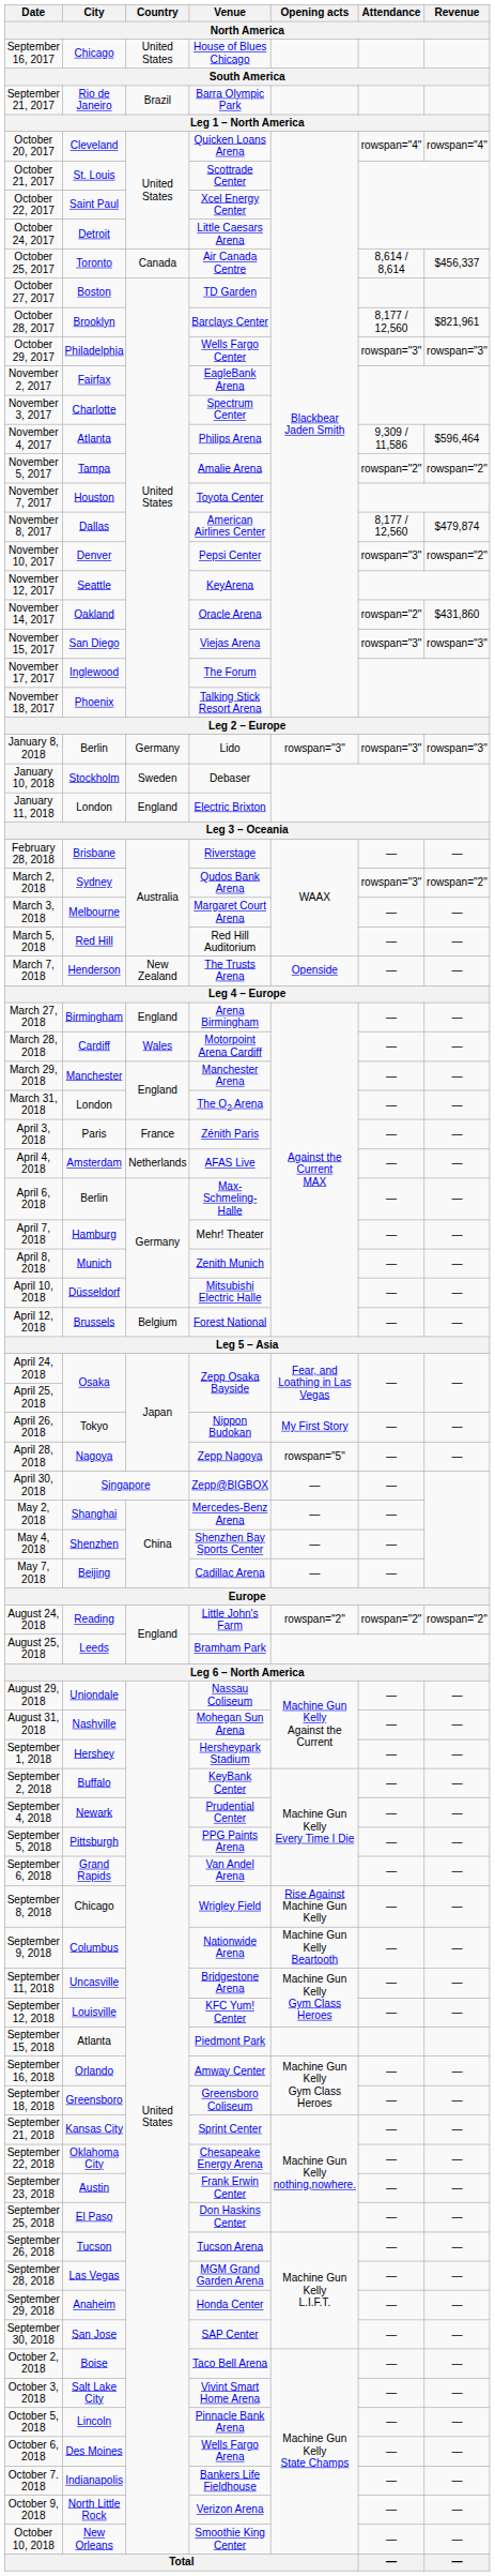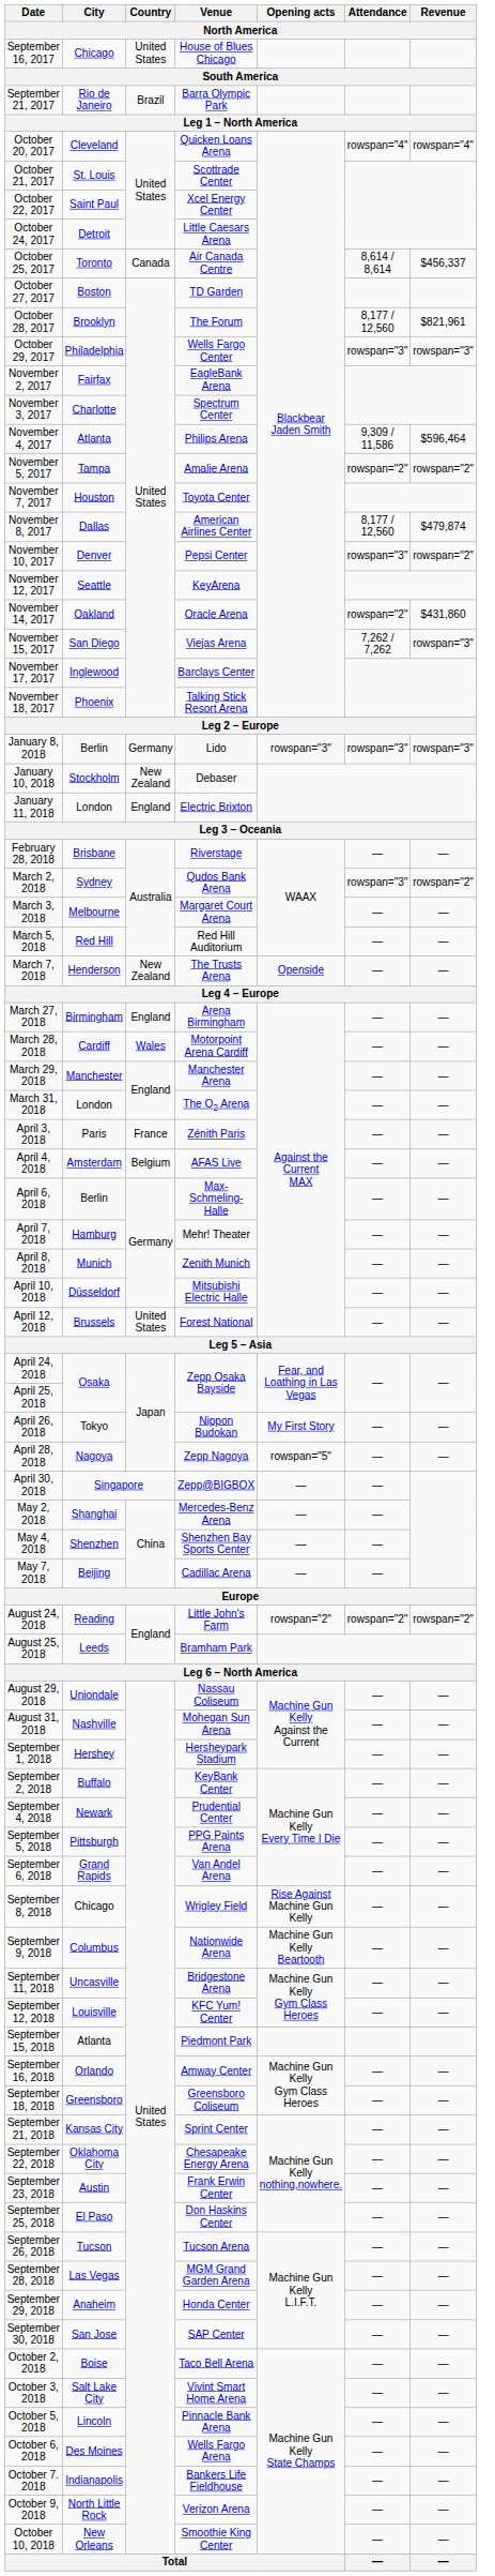 <table class="wikitable" style="text-align:center;">
 <tr>
 <th scope="col" style="width:12em;">Date</th>
 <th scope="col" style="width:10em;">City</th>
 <th scope="col" style="width:10em;">Country</th>
 <th scope="col" style="width:16em;">Venue</th>
 <th scope="col" style="width:10em;">Opening acts</th>
 <th scope="col" style="width:10em;">Attendance</th>
 <th scope="col" style="width:10em;">Revenue</th>
 </tr>
 <tr>
 <th colspan="7">North America</th>
 </tr>
 <tr>
 <td>September 16, 2017</td>
 <td><a href='#'>Chicago</a></td>
 <td>United States</td>
 <td><a href='#'>House of Blues Chicago</a></td>
 <td></td>
 <td></td>
 <td></td>
 </tr>
 <tr>
 <th colspan="7">South America</th>
 </tr>
 <tr>
 <td>September 21, 2017</td>
 <td><a href='#'>Rio de Janeiro</a></td>
 <td>Brazil</td>
 <td><a href='#'>Barra Olympic Park</a></td>
 <td></td>
 <td></td>
 <td></td>
 </tr>
 <tr>
 <th colspan="7">Leg 1 – North America</th>
 </tr>
 <tr>
 <td>October 20, 2017</td>
 <td><a href='#'>Cleveland</a></td>
 <td rowspan="4">United States</td>
 <td><a href='#'>Quicken Loans Arena</a></td>
 <td rowspan="20"><a href='#'>Blackbear</a><br><a href='#'>Jaden Smith</a></td>
 <td>rowspan="4" </td>
 <td>rowspan="4" </td>
 </tr>
 <tr>
 <td>October 21, 2017</td>
 <td><a href='#'>St. Louis</a></td>
 <td><a href='#'>Scottrade Center</a></td>
 </tr>
 <tr>
 <td>October 22, 2017</td>
 <td><a href='#'>Saint Paul</a></td>
 <td><a href='#'>Xcel Energy Center</a></td>
 </tr>
 <tr>
 <td>October 24, 2017</td>
 <td><a href='#'>Detroit</a></td>
 <td><a href='#'>Little Caesars Arena</a></td>
 </tr>
 <tr>
 <td>October 25, 2017</td>
 <td><a href='#'>Toronto</a></td>
 <td>Canada</td>
 <td><a href='#'>Air Canada Centre</a></td>
 <td>8,614 / 8,614</td>
 <td>$456,337</td>
 </tr>
 <tr>
 <td>October 27, 2017</td>
 <td><a href='#'>Boston</a></td>
 <td rowspan="15">United States</td>
 <td><a href='#'>TD Garden</a></td>
 <td></td>
 <td></td>
 </tr>
 <tr>
 <td>October 28, 2017</td>
 <td><a href='#'>Brooklyn</a></td>
-<td><a href='#'>Barclays Center</a></td>
+<td><a href='#'>The Forum</a></td>
 <td>8,177 / 12,560</td>
 <td>$821,961</td>
 </tr>
 <tr>
 <td>October 29, 2017</td>
 <td><a href='#'>Philadelphia</a></td>
 <td><a href='#'>Wells Fargo Center</a></td>
 <td>rowspan="3" </td>
 <td>rowspan="3" </td>
 </tr>
 <tr>
 <td>November 2, 2017</td>
 <td><a href='#'>Fairfax</a></td>
 <td><a href='#'>EagleBank Arena</a></td>
 </tr>
 <tr>
 <td>November 3, 2017</td>
 <td><a href='#'>Charlotte</a></td>
 <td><a href='#'>Spectrum Center</a></td>
 </tr>
 <tr>
 <td>November 4, 2017</td>
 <td><a href='#'>Atlanta</a></td>
 <td><a href='#'>Philips Arena</a></td>
 <td>9,309 / 11,586</td>
 <td>$596,464</td>
 </tr>
 <tr>
 <td>November 5, 2017</td>
 <td><a href='#'>Tampa</a></td>
 <td><a href='#'>Amalie Arena</a></td>
 <td>rowspan="2" </td>
 <td>rowspan="2" </td>
 </tr>
 <tr>
 <td>November 7, 2017</td>
 <td><a href='#'>Houston</a></td>
 <td><a href='#'>Toyota Center</a></td>
 </tr>
 <tr>
 <td>November 8, 2017</td>
 <td><a href='#'>Dallas</a></td>
 <td><a href='#'>American Airlines Center</a></td>
 <td>8,177 / 12,560</td>
 <td>$479,874</td>
 </tr>
 <tr>
 <td>November 10, 2017</td>
 <td><a href='#'>Denver</a></td>
 <td><a href='#'>Pepsi Center</a></td>
 <td>rowspan="3" </td>
 <td>rowspan="2" </td>
 </tr>
 <tr>
 <td>November 12, 2017</td>
 <td><a href='#'>Seattle</a></td>
 <td><a href='#'>KeyArena</a></td>
 </tr>
 <tr>
 <td>November 14, 2017</td>
 <td><a href='#'>Oakland</a></td>
 <td><a href='#'>Oracle Arena</a></td>
 <td>rowspan="2" </td>
 <td>$431,860</td>
 </tr>
 <tr>
 <td>November 15, 2017</td>
 <td><a href='#'>San Diego</a></td>
 <td><a href='#'>Viejas Arena</a></td>
-<td>rowspan="3" </td>
+<td>7,262 / 7,262</td>
 <td>rowspan="3" </td>
 </tr>
 <tr>
 <td>November 17, 2017</td>
 <td><a href='#'>Inglewood</a></td>
-<td><a href='#'>The Forum</a></td>
+<td><a href='#'>Barclays Center</a></td>
 </tr>
 <tr>
 <td>November 18, 2017</td>
 <td><a href='#'>Phoenix</a></td>
 <td><a href='#'>Talking Stick Resort Arena</a></td>
 </tr>
 <tr>
 <th colspan="7">Leg 2 – Europe</th>
 </tr>
 <tr>
 <td>January 8, 2018</td>
 <td>Berlin</td>
 <td>Germany</td>
 <td>Lido</td>
 <td>rowspan="3" </td>
 <td>rowspan="3" </td>
 <td>rowspan="3" </td>
 </tr>
 <tr>
 <td>January 10, 2018</td>
 <td><a href='#'>Stockholm</a></td>
-<td>Sweden</td>
+<td>New Zealand</td>
 <td>Debaser</td>
 </tr>
 <tr>
 <td>January 11, 2018</td>
 <td>London</td>
 <td>England</td>
 <td><a href='#'>Electric Brixton</a></td>
 </tr>
 <tr>
 <th colspan="7">Leg 3 – Oceania</th>
 </tr>
 <tr>
 <td>February 28, 2018</td>
 <td><a href='#'>Brisbane</a></td>
 <td rowspan="4">Australia</td>
 <td><a href='#'>Riverstage</a></td>
 <td rowspan="4">WAAX</td>
 <td>—</td>
 <td>—</td>
 </tr>
 <tr>
 <td>March 2, 2018</td>
 <td><a href='#'>Sydney</a></td>
 <td><a href='#'>Qudos Bank Arena</a></td>
 <td>rowspan="3" </td>
 <td>rowspan="2" </td>
 </tr>
 <tr>
 <td>March 3, 2018</td>
 <td><a href='#'>Melbourne</a></td>
 <td><a href='#'>Margaret Court Arena</a></td>
 <td>—</td>
 <td>—</td>
 </tr>
 <tr>
 <td>March 5, 2018</td>
 <td><a href='#'>Red Hill</a></td>
 <td>Red Hill Auditorium</td>
 <td>—</td>
 <td>—</td>
 </tr>
 <tr>
 <td>March 7, 2018</td>
 <td><a href='#'>Henderson</a></td>
 <td>New Zealand</td>
 <td><a href='#'>The Trusts Arena</a></td>
 <td><a href='#'>Openside</a></td>
 <td>—</td>
 <td>—</td>
 </tr>
 <tr>
 <th colspan="7">Leg 4 – Europe</th>
 </tr>
 <tr>
 <td>March 27, 2018</td>
 <td><a href='#'>Birmingham</a></td>
 <td>England</td>
 <td><a href='#'>Arena Birmingham</a></td>
 <td rowspan="11"><a href='#'>Against the Current</a><br><a href='#'>MAX</a></td>
 <td>—</td>
 <td>—</td>
 </tr>
 <tr>
 <td>March 28, 2018</td>
 <td><a href='#'>Cardiff</a></td>
 <td><a href='#'>Wales</a></td>
 <td><a href='#'>Motorpoint Arena Cardiff</a></td>
 <td>—</td>
 <td>—</td>
 </tr>
 <tr>
 <td>March 29, 2018</td>
 <td><a href='#'>Manchester</a></td>
 <td rowspan="2">England</td>
 <td><a href='#'>Manchester Arena</a></td>
 <td>—</td>
 <td>—</td>
 </tr>
 <tr>
 <td>March 31, 2018</td>
 <td>London</td>
 <td><a href='#'>The O<sub>2</sub> Arena</a></td>
 <td>—</td>
 <td>—</td>
 </tr>
 <tr>
 <td>April 3, 2018</td>
 <td>Paris</td>
 <td>France</td>
 <td><a href='#'>Zénith Paris</a></td>
 <td>—</td>
 <td>—</td>
 </tr>
 <tr>
 <td>April 4, 2018</td>
 <td><a href='#'>Amsterdam</a></td>
-<td>Netherlands</td>
+<td>Belgium</td>
 <td><a href='#'>AFAS Live</a></td>
 <td>—</td>
 <td>—</td>
 </tr>
 <tr>
 <td>April 6, 2018</td>
 <td>Berlin</td>
 <td rowspan="4">Germany</td>
 <td><a href='#'>Max-Schmeling-Halle</a></td>
 <td>—</td>
 <td>—</td>
 </tr>
 <tr>
 <td>April 7, 2018</td>
 <td><a href='#'>Hamburg</a></td>
 <td>Mehr! Theater</td>
 <td>—</td>
 <td>—</td>
 </tr>
 <tr>
 <td>April 8, 2018</td>
 <td><a href='#'>Munich</a></td>
 <td><a href='#'>Zenith Munich</a></td>
 <td>—</td>
 <td>—</td>
 </tr>
 <tr>
 <td>April 10, 2018</td>
 <td><a href='#'>Düsseldorf</a></td>
 <td><a href='#'>Mitsubishi Electric Halle</a></td>
 <td>—</td>
 <td>—</td>
 </tr>
 <tr>
 <td>April 12, 2018</td>
 <td><a href='#'>Brussels</a></td>
-<td>Belgium</td>
+<td>United States</td>
 <td><a href='#'>Forest National</a></td>
 <td>—</td>
 <td>—</td>
 </tr>
 <tr>
 <th colspan="7">Leg 5 – Asia</th>
 </tr>
 <tr>
 <td>April 24, 2018</td>
 <td rowspan="2"><a href='#'>Osaka</a></td>
 <td rowspan="4">Japan</td>
 <td rowspan="2"><a href='#'>Zepp Osaka Bayside</a></td>
 <td rowspan="2"><a href='#'>Fear, and Loathing in Las Vegas</a></td>
 <td rowspan="2">—</td>
 <td rowspan="2">—</td>
 </tr>
 <tr>
 <td>April 25, 2018</td>
 </tr>
 <tr>
 <td>April 26, 2018</td>
 <td>Tokyo</td>
 <td><a href='#'>Nippon Budokan</a></td>
 <td><a href='#'>My First Story</a></td>
 <td>—</td>
 <td>—</td>
 </tr>
 <tr>
 <td>April 28, 2018</td>
 <td><a href='#'>Nagoya</a></td>
 <td><a href='#'>Zepp Nagoya</a></td>
 <td>rowspan="5" </td>
 <td>—</td>
 <td>—</td>
 </tr>
 <tr>
 <td>April 30, 2018</td>
 <td colspan="2"><a href='#'>Singapore</a></td>
 <td><a href='#'>Zepp@BIGBOX</a></td>
 <td>—</td>
 <td>—</td>
 </tr>
 <tr>
 <td>May 2, 2018</td>
 <td><a href='#'>Shanghai</a></td>
 <td rowspan="3">China</td>
 <td><a href='#'>Mercedes-Benz Arena</a></td>
 <td>—</td>
 <td>—</td>
 </tr>
 <tr>
 <td>May 4, 2018</td>
 <td><a href='#'>Shenzhen</a></td>
 <td><a href='#'>Shenzhen Bay Sports Center</a></td>
 <td>—</td>
 <td>—</td>
 </tr>
 <tr>
 <td>May 7, 2018</td>
 <td><a href='#'>Beijing</a></td>
 <td><a href='#'>Cadillac Arena</a></td>
 <td>—</td>
 <td>—</td>
 </tr>
 <tr>
 <th colspan="7">Europe</th>
 </tr>
 <tr>
 <td>August 24, 2018</td>
 <td><a href='#'>Reading</a></td>
 <td rowspan="2">England</td>
 <td><a href='#'>Little John's Farm</a></td>
 <td>rowspan="2" </td>
 <td>rowspan="2" </td>
 <td>rowspan="2" </td>
 </tr>
 <tr>
 <td>August 25, 2018</td>
 <td><a href='#'>Leeds</a></td>
 <td><a href='#'>Bramham Park</a></td>
 </tr>
 <tr>
 <th colspan="7">Leg 6 – North America</th>
 </tr>
 <tr>
 <td>August 29, 2018</td>
 <td><a href='#'>Uniondale</a></td>
 <td rowspan="29">United States</td>
 <td><a href='#'>Nassau Coliseum</a></td>
 <td rowspan="3"><a href='#'>Machine Gun Kelly</a> <br>Against the Current</td>
 <td>—</td>
 <td>—</td>
 </tr>
 <tr>
 <td>August 31, 2018</td>
 <td><a href='#'>Nashville</a></td>
 <td><a href='#'>Mohegan Sun Arena</a></td>
 <td>—</td>
 <td>—</td>
 </tr>
 <tr>
 <td>September 1, 2018</td>
 <td><a href='#'>Hershey</a></td>
 <td><a href='#'>Hersheypark Stadium</a></td>
 <td>—</td>
 <td>—</td>
 </tr>
 <tr>
 <td>September 2, 2018</td>
 <td><a href='#'>Buffalo</a></td>
 <td><a href='#'>KeyBank Center</a></td>
 <td rowspan="4">Machine Gun Kelly<br><a href='#'>Every Time I Die</a></td>
 <td>—</td>
 <td>—</td>
 </tr>
 <tr>
 <td>September 4, 2018</td>
 <td><a href='#'>Newark</a></td>
 <td><a href='#'>Prudential Center</a></td>
 <td>—</td>
 <td>—</td>
 </tr>
 <tr>
 <td>September 5, 2018</td>
 <td><a href='#'>Pittsburgh</a></td>
 <td><a href='#'>PPG Paints Arena</a></td>
 <td>—</td>
 <td>—</td>
 </tr>
 <tr>
 <td>September 6, 2018</td>
 <td><a href='#'>Grand Rapids</a></td>
 <td><a href='#'>Van Andel Arena</a></td>
 <td>—</td>
 <td>—</td>
 </tr>
 <tr>
 <td>September 8, 2018</td>
 <td>Chicago</td>
 <td><a href='#'>Wrigley Field</a></td>
 <td><a href='#'>Rise Against</a><br>Machine Gun Kelly</td>
 <td>—</td>
 <td>—</td>
 </tr>
 <tr>
 <td>September 9, 2018</td>
 <td><a href='#'>Columbus</a></td>
 <td><a href='#'>Nationwide Arena</a></td>
 <td>Machine Gun Kelly<br><a href='#'>Beartooth</a></td>
 <td>—</td>
 <td>—</td>
 </tr>
 <tr>
 <td>September 11, 2018</td>
 <td><a href='#'>Uncasville</a></td>
 <td><a href='#'>Bridgestone Arena</a></td>
 <td rowspan="2">Machine Gun Kelly<br><a href='#'>Gym Class Heroes</a></td>
 <td>—</td>
 <td>—</td>
 </tr>
 <tr>
 <td>September 12, 2018</td>
 <td><a href='#'>Louisville</a></td>
 <td><a href='#'>KFC Yum! Center</a></td>
 <td>—</td>
 <td>—</td>
 </tr>
 <tr>
 <td>September 15, 2018</td>
 <td>Atlanta</td>
 <td><a href='#'>Piedmont Park</a></td>
 <td></td>
 <td></td>
 <td></td>
 </tr>
 <tr>
 <td>September 16, 2018</td>
 <td><a href='#'>Orlando</a></td>
 <td><a href='#'>Amway Center</a></td>
 <td rowspan="2">Machine Gun Kelly<br>Gym Class Heroes</td>
 <td>—</td>
 <td>—</td>
 </tr>
 <tr>
 <td>September 18, 2018</td>
 <td><a href='#'>Greensboro</a></td>
 <td><a href='#'>Greensboro Coliseum</a></td>
 <td>—</td>
 <td>—</td>
 </tr>
 <tr>
 <td>September 21, 2018</td>
 <td><a href='#'>Kansas City</a></td>
 <td><a href='#'>Sprint Center</a></td>
 <td rowspan="4">Machine Gun Kelly<br><a href='#'>nothing,nowhere.</a></td>
 <td>—</td>
 <td>—</td>
 </tr>
 <tr>
 <td>September 22, 2018</td>
 <td><a href='#'>Oklahoma City</a></td>
 <td><a href='#'>Chesapeake Energy Arena</a></td>
 <td>—</td>
 <td>—</td>
 </tr>
 <tr>
 <td>September 23, 2018</td>
 <td><a href='#'>Austin</a></td>
 <td><a href='#'>Frank Erwin Center</a></td>
 <td>—</td>
 <td>—</td>
 </tr>
 <tr>
 <td>September 25, 2018</td>
 <td><a href='#'>El Paso</a></td>
 <td><a href='#'>Don Haskins Center</a></td>
 <td>—</td>
 <td>—</td>
 </tr>
 <tr>
 <td>September 26, 2018</td>
 <td><a href='#'>Tucson</a></td>
 <td><a href='#'>Tucson Arena</a></td>
 <td rowspan="4">Machine Gun Kelly<br>L.I.F.T.</td>
 <td>—</td>
 <td>—</td>
 </tr>
 <tr>
 <td>September 28, 2018</td>
 <td><a href='#'>Las Vegas</a></td>
 <td><a href='#'>MGM Grand Garden Arena</a></td>
 <td>—</td>
 <td>—</td>
 </tr>
 <tr>
 <td>September 29, 2018</td>
 <td><a href='#'>Anaheim</a></td>
 <td><a href='#'>Honda Center</a></td>
 <td>—</td>
 <td>—</td>
 </tr>
 <tr>
 <td>September 30, 2018</td>
 <td><a href='#'>San Jose</a></td>
 <td><a href='#'>SAP Center</a></td>
 <td>—</td>
 <td>—</td>
 </tr>
 <tr>
 <td>October 2, 2018</td>
 <td><a href='#'>Boise</a></td>
 <td><a href='#'>Taco Bell Arena</a></td>
 <td rowspan="7">Machine Gun Kelly<br><a href='#'>State Champs</a></td>
 <td>—</td>
 <td>—</td>
 </tr>
 <tr>
 <td>October 3, 2018</td>
 <td><a href='#'>Salt Lake City</a></td>
 <td><a href='#'>Vivint Smart Home Arena</a></td>
 <td>—</td>
 <td>—</td>
 </tr>
 <tr>
 <td>October 5, 2018</td>
 <td><a href='#'>Lincoln</a></td>
 <td><a href='#'>Pinnacle Bank Arena</a></td>
 <td>—</td>
 <td>—</td>
 </tr>
 <tr>
 <td>October 6, 2018</td>
 <td><a href='#'>Des Moines</a></td>
 <td><a href='#'>Wells Fargo Arena</a></td>
 <td>—</td>
 <td>—</td>
 </tr>
 <tr>
 <td>October 7. 2018</td>
 <td><a href='#'>Indianapolis</a></td>
 <td><a href='#'>Bankers Life Fieldhouse</a></td>
 <td>—</td>
 <td>—</td>
 </tr>
 <tr>
 <td>October 9, 2018</td>
 <td><a href='#'>North Little Rock</a></td>
 <td><a href='#'>Verizon Arena</a></td>
 <td>—</td>
 <td>—</td>
 </tr>
 <tr>
 <td>October 10, 2018</td>
 <td><a href='#'>New Orleans</a></td>
 <td><a href='#'>Smoothie King Center</a></td>
 <td>—</td>
 <td>—</td>
 </tr>
 <tr>
 <th colspan="5">Total</th>
 <th>—</th>
 <th>—</th>
 </tr>
 </table>
